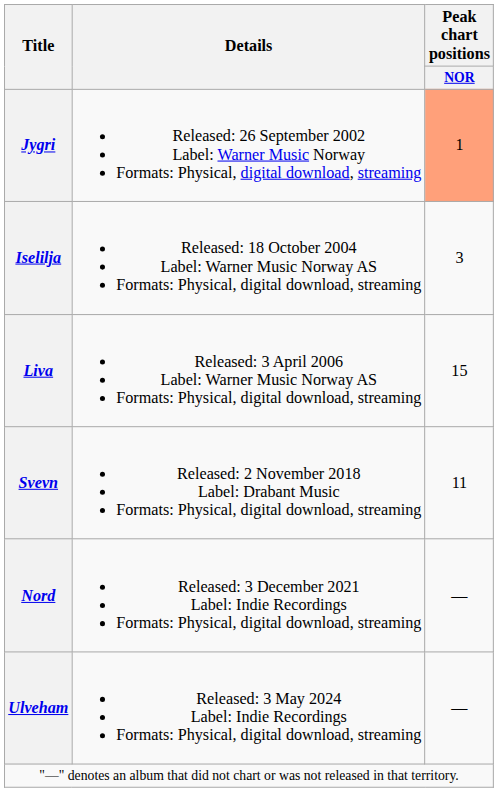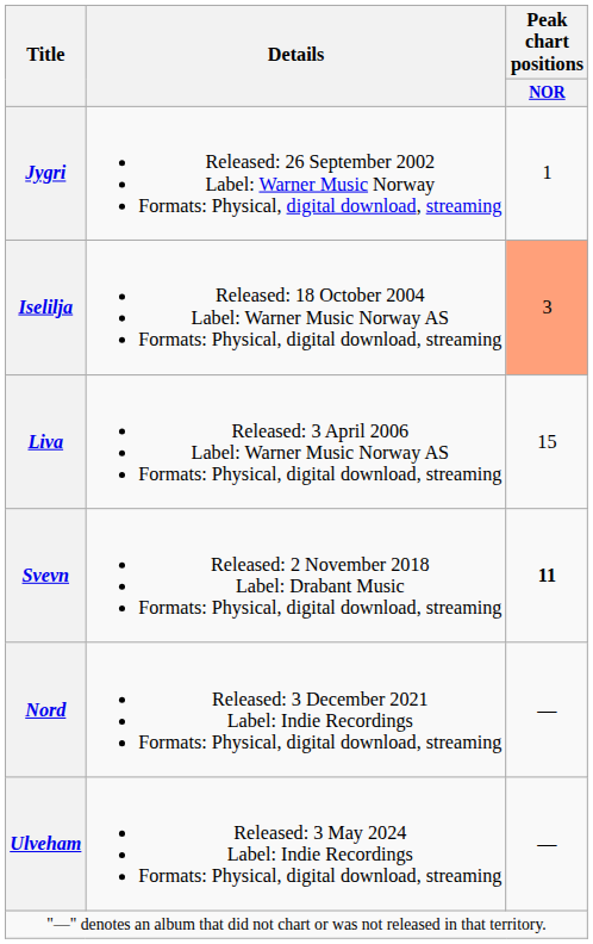 <table class="wikitable plainrowheaders" style="text-align: center;">
 <tr>
 <th scope="col" rowspan="2">Title</th>
 <th scope="col" rowspan="2">Details</th>
 <th colspan="1" scope="col">Peak chart positions</th>
 </tr>
 <tr>
 <th scope="col" style="width:3em;font-size:85%;"><a href='#'>NOR</a><br></th>
 </tr>
 <tr>
 <th scope="row"><em><a href='#'>Jygri</a></em></th>
 <td><br><ul><li>Released: 26 September 2002</li><li>Label: <a href='#'>Warner Music</a> Norway</li><li>Formats: Physical, <a href='#'>digital download</a>, <a href='#'>streaming</a></li></ul></td>
-<td style="background: lightsalmon;">1</td>
+<td>1</td>
 </tr>
 <tr>
 <th scope="row"><em><a href='#'>Iselilja</a></em></th>
 <td><br><ul><li>Released: 18 October 2004</li><li>Label: Warner Music Norway AS</li><li>Formats: Physical, digital download, streaming</li></ul></td>
-<td>3</td>
+<td style="background: lightsalmon;">3</td>
 </tr>
 <tr>
 <th scope="row"><em><a href='#'>Liva</a></em></th>
 <td><br><ul><li>Released: 3 April 2006</li><li>Label: Warner Music Norway AS</li><li>Formats: Physical, digital download, streaming</li></ul></td>
 <td>15</td>
 </tr>
 <tr>
 <th scope="row"><em><a href='#'>Svevn</a></em></th>
 <td><br><ul><li>Released: 2 November 2018</li><li>Label: Drabant Music</li><li>Formats: Physical, digital download, streaming</li></ul></td>
-<td>11</td>
+<td><strong>11</strong></td>
 </tr>
 <tr>
 <th scope="row"><em><a href='#'>Nord</a></em></th>
 <td><br><ul><li>Released: 3 December 2021</li><li>Label: Indie Recordings</li><li>Formats: Physical, digital download, streaming</li></ul></td>
 <td>—</td>
 </tr>
 <tr>
 <th scope="row"><em><a href='#'>Ulveham</a></em></th>
 <td><br><ul><li>Released: 3 May 2024</li><li>Label: Indie Recordings</li><li>Formats: Physical, digital download, streaming</li></ul></td>
 <td>—</td>
 </tr>
 <tr>
 <td colspan="4" style="font-size:85%">"—" denotes an album that did not chart or was not released in that territory.</td>
 </tr>
 </table>
